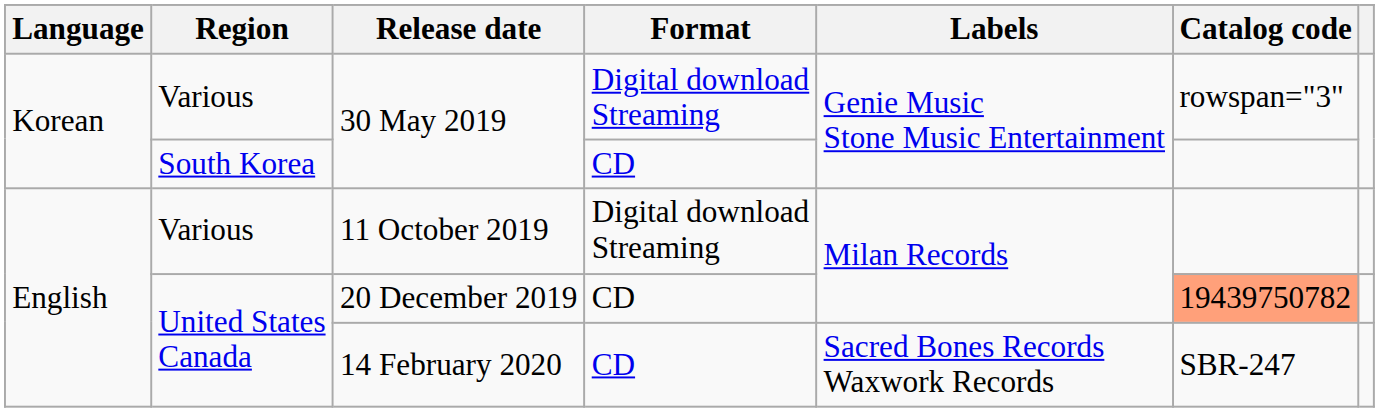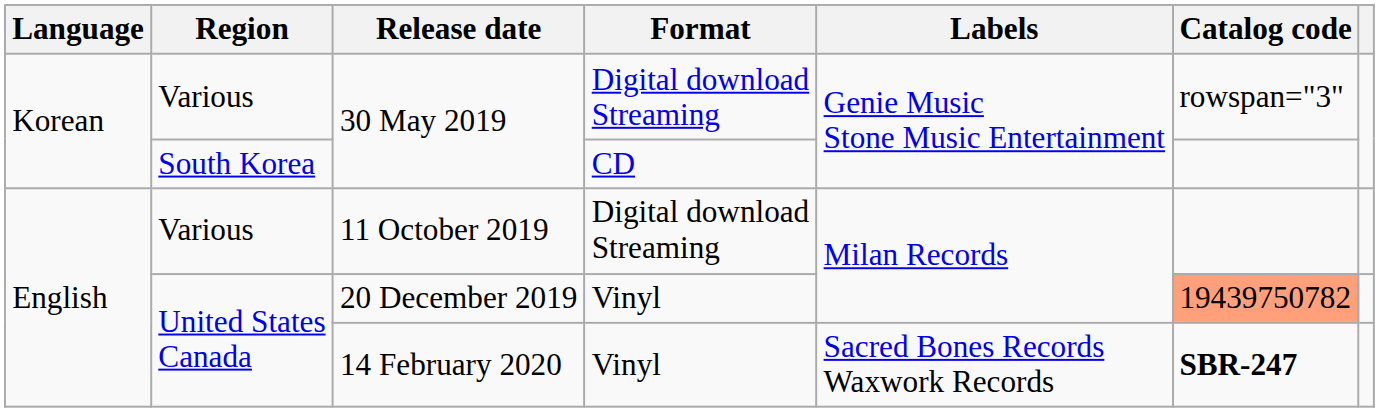 <table class="wikitable plainrowheaders sortable">
 <tr>
 <th>Language</th>
 <th>Region</th>
 <th>Release date</th>
 <th>Format</th>
 <th>Labels</th>
 <th>Catalog code</th>
 <th></th>
 </tr>
 <tr>
 <td rowspan="2">Korean</td>
 <td>Various</td>
 <td rowspan="2">30 May 2019</td>
 <td><a href='#'>Digital download</a><br><a href='#'>Streaming</a></td>
 <td rowspan="2"><a href='#'>Genie Music</a><br><a href='#'>Stone Music Entertainment</a></td>
 <td>rowspan="3" </td>
 <td rowspan="2" align="center"><br></td>
 </tr>
 <tr>
 <td><a href='#'>South Korea</a></td>
 <td><a href='#'>CD</a></td>
 </tr>
 <tr>
 <td rowspan="3">English</td>
 <td>Various</td>
 <td>11 October 2019</td>
 <td>Digital download<br>Streaming</td>
 <td rowspan="2"><a href='#'>Milan Records</a></td>
 <td align="center"></td>
 </tr>
 <tr>
 <td rowspan="2"><a href='#'>United States</a><br><a href='#'>Canada</a></td>
 <td>20 December 2019</td>
-<td>CD</td>
+<td>Vinyl</td>
 <td style="background: lightsalmon;">19439750782</td>
 <td align="center"><br></td>
 </tr>
 <tr>
 <td>14 February 2020</td>
-<td><a href='#'>CD</a></td>
+<td>Vinyl</td>
 <td><a href='#'>Sacred Bones Records</a><br>Waxwork Records</td>
-<td>SBR-247</td>
+<td><strong>SBR-247</strong></td>
 <td align="center"><br></td>
 </tr>
 </table>
